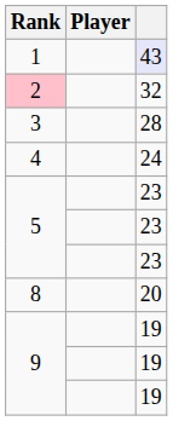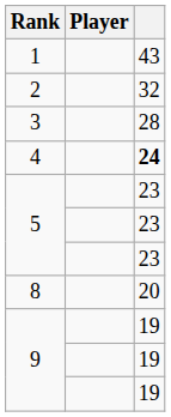 <table class=wikitable style="text-align:center">
 <tr>
 <th>Rank</th>
 <th>Player</th>
 <th></th>
 </tr>
 <tr>
 <td>1</td>
 <td align=left></td>
-<td style="background: lavender;">43</td>
+<td>43</td>
 </tr>
 <tr>
-<td style="background: pink;">2</td>
+<td>2</td>
 <td align=left></td>
 <td>32</td>
 </tr>
 <tr>
 <td>3</td>
 <td align=left></td>
 <td>28</td>
 </tr>
 <tr>
 <td>4</td>
 <td align=left></td>
-<td>24</td>
+<td><strong>24</strong></td>
 </tr>
 <tr>
 <td rowspan=3>5</td>
 <td align=left></td>
 <td>23</td>
 </tr>
 <tr>
 <td align=left></td>
 <td>23</td>
 </tr>
 <tr>
 <td align=left></td>
 <td>23</td>
 </tr>
 <tr>
 <td>8</td>
 <td align=left></td>
 <td>20</td>
 </tr>
 <tr>
 <td rowspan=3>9</td>
 <td align=left></td>
 <td>19</td>
 </tr>
 <tr>
 <td align=left></td>
 <td>19</td>
 </tr>
 <tr>
 <td align=left></td>
 <td>19</td>
 </tr>
 </table>
